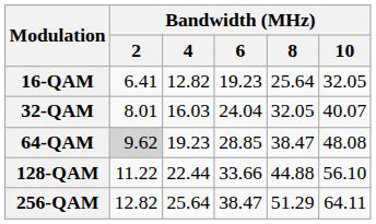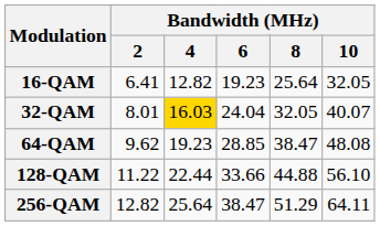 <table class="wikitable">
 <tr>
 <th rowspan="2">Modulation</th>
 <th colspan="5">Bandwidth (MHz)</th>
 </tr>
 <tr>
 <th>2</th>
 <th>4</th>
 <th>6</th>
 <th>8</th>
 <th>10</th>
 </tr>
 <tr>
 <th>16-QAM</th>
 <td align="right">6.41</td>
 <td align="right">12.82</td>
 <td align="right">19.23</td>
 <td align="right">25.64</td>
 <td align="right">32.05</td>
 </tr>
 <tr>
 <th>32-QAM</th>
 <td align="right">8.01</td>
-<td align="right">16.03</td>
+<td align="right" style="background: gold;">16.03</td>
 <td align="right">24.04</td>
 <td align="right">32.05</td>
 <td align="right">40.07</td>
 </tr>
 <tr>
 <th>64-QAM</th>
-<td align="right" style="background: lightgrey;">9.62</td>
+<td align="right">9.62</td>
 <td align="right">19.23</td>
 <td align="right">28.85</td>
 <td align="right">38.47</td>
 <td align="right">48.08</td>
 </tr>
 <tr>
 <th>128-QAM</th>
 <td align="right">11.22</td>
 <td align="right">22.44</td>
 <td align="right">33.66</td>
 <td align="right">44.88</td>
 <td align="right">56.10</td>
 </tr>
 <tr>
 <th>256-QAM</th>
 <td align="right">12.82</td>
 <td align="right">25.64</td>
 <td align="right">38.47</td>
 <td align="right">51.29</td>
 <td align="right">64.11</td>
 </tr>
 </table>
